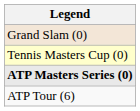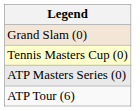 <table class="wikitable sortable mw-collapsible mw-collapsed">
 <tr>
 <th>Legend</th>
 </tr>
 <tr bgcolor="#f3e6d7">
 <td>Grand Slam (0)</td>
 </tr>
 <tr bgcolor="ffffcc">
 <td>Tennis Masters Cup (0)</td>
 </tr>
 <tr bgcolor="#e9e9e9">
-<td><strong>ATP Masters Series (0)</strong></td>
+<td>ATP Masters Series (0)</td>
 </tr>
 <tr>
 <td>ATP Tour (6)</td>
 </tr>
 </table>
